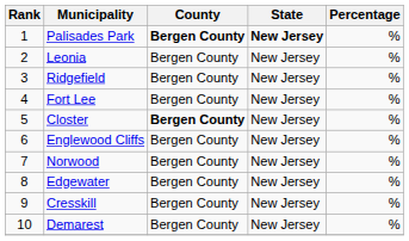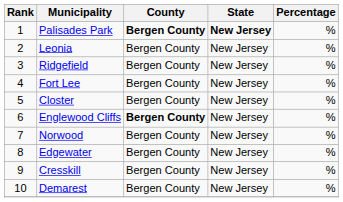 <table class="wikitable sortable">
 <tr>
 <th>Rank</th>
 <th>Municipality</th>
 <th>County</th>
 <th>State</th>
 <th>Percentage</th>
 </tr>
 <tr>
 <td align=center>1</td>
 <td><a href='#'>Palisades Park</a></td>
 <td><strong>Bergen County</strong></td>
 <td><strong>New Jersey</strong></td>
 <td align=right>%</td>
 </tr>
 <tr>
 <td align=center>2</td>
 <td><a href='#'>Leonia</a></td>
 <td>Bergen County</td>
 <td>New Jersey</td>
 <td align=right>%</td>
 </tr>
 <tr>
 <td align=center>3</td>
 <td><a href='#'>Ridgefield</a></td>
 <td>Bergen County</td>
 <td>New Jersey</td>
 <td align=right>%</td>
 </tr>
 <tr>
 <td align=center>4</td>
 <td><a href='#'>Fort Lee</a></td>
 <td>Bergen County</td>
 <td>New Jersey</td>
 <td align=right>%</td>
 </tr>
 <tr>
 <td align=center>5</td>
 <td><a href='#'>Closter</a></td>
-<td><strong>Bergen County</strong></td>
+<td>Bergen County</td>
 <td>New Jersey</td>
 <td align=right>%</td>
 </tr>
 <tr>
 <td align=center>6</td>
 <td><a href='#'>Englewood Cliffs</a></td>
-<td>Bergen County</td>
+<td><strong>Bergen County</strong></td>
 <td>New Jersey</td>
 <td align=right>%</td>
 </tr>
 <tr>
 <td align=center>7</td>
 <td><a href='#'>Norwood</a></td>
 <td>Bergen County</td>
 <td>New Jersey</td>
 <td align=right>%</td>
 </tr>
 <tr>
 <td align=center>8</td>
 <td><a href='#'>Edgewater</a></td>
 <td>Bergen County</td>
 <td>New Jersey</td>
 <td align=right>%</td>
 </tr>
 <tr>
 <td align=center>9</td>
 <td><a href='#'>Cresskill</a></td>
 <td>Bergen County</td>
 <td>New Jersey</td>
 <td align=right>%</td>
 </tr>
 <tr>
 <td align=center>10</td>
 <td><a href='#'>Demarest</a></td>
 <td>Bergen County</td>
 <td>New Jersey</td>
 <td align=right>%</td>
 </tr>
 <tr>
 </tr>
 </table>
